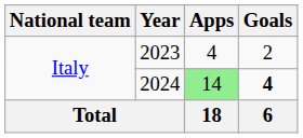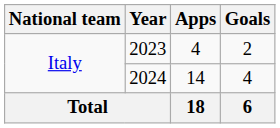 <table class="wikitable" style="text-align: center;">
 <tr>
 <th>National team</th>
 <th>Year</th>
 <th>Apps</th>
 <th>Goals</th>
 </tr>
 <tr>
 <td rowspan="2"><a href='#'>Italy</a></td>
 <td>2023</td>
 <td>4</td>
 <td>2</td>
 </tr>
 <tr>
 <td>2024</td>
-<td style="background: lightgreen;">14</td>
-<td><strong>4</strong></td>
+<td>14</td>
+<td>4</td>
 </tr>
 <tr>
 <th colspan="2">Total</th>
 <th>18</th>
 <th>6</th>
 </tr>
 </table>
